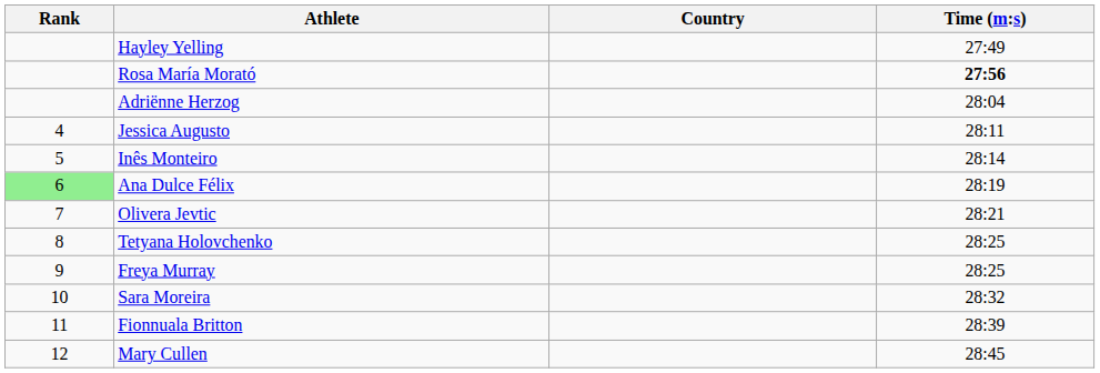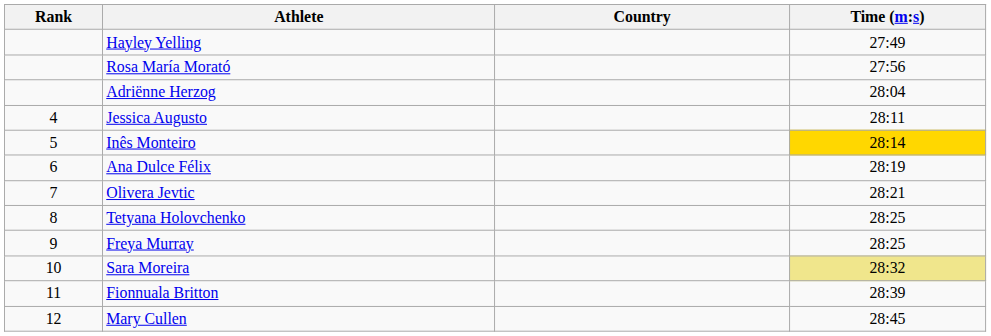 <table class="wikitable" width=50%>
 <tr>
 </tr>
 <tr>
 <th width=5%>Rank</th>
 <th width=20%>Athlete</th>
 <th width=15%>Country</th>
 <th width=10%>Time (<a href='#'>m</a>:<a href='#'>s</a>)</th>
 </tr>
 <tr align="center">
 <td></td>
 <td align="left"><a href='#'>Hayley Yelling</a></td>
 <td align="left"></td>
 <td>27:49</td>
 </tr>
 <tr align="center">
 <td></td>
 <td align="left"><a href='#'>Rosa María Morató</a></td>
 <td align="left"></td>
-<td><strong>27:56</strong></td>
+<td>27:56</td>
 </tr>
 <tr align="center">
 <td></td>
 <td align="left"><a href='#'>Adriënne Herzog</a></td>
 <td align="left"></td>
 <td>28:04</td>
 </tr>
 <tr align="center">
 <td>4</td>
 <td align="left"><a href='#'>Jessica Augusto</a></td>
 <td align="left"></td>
 <td>28:11</td>
 </tr>
 <tr align="center">
 <td>5</td>
 <td align="left"><a href='#'>Inês Monteiro</a></td>
 <td align="left"></td>
-<td>28:14</td>
+<td style="background: gold;">28:14</td>
 </tr>
 <tr align="center">
-<td style="background: lightgreen;">6</td>
+<td>6</td>
 <td align="left"><a href='#'>Ana Dulce Félix</a></td>
 <td align="left"></td>
 <td>28:19</td>
 </tr>
 <tr align="center">
 <td>7</td>
 <td align="left"><a href='#'>Olivera Jevtic</a></td>
 <td align="left"></td>
 <td>28:21</td>
 </tr>
 <tr align="center">
 <td>8</td>
 <td align="left"><a href='#'>Tetyana Holovchenko</a></td>
 <td align="left"></td>
 <td>28:25</td>
 </tr>
 <tr align="center">
 <td>9</td>
 <td align="left"><a href='#'>Freya Murray</a></td>
 <td align="left"></td>
 <td>28:25</td>
 </tr>
 <tr align="center">
 <td>10</td>
 <td align="left"><a href='#'>Sara Moreira</a></td>
 <td align="left"></td>
-<td>28:32</td>
+<td style="background: khaki;">28:32</td>
 </tr>
 <tr align="center">
 <td>11</td>
 <td align="left"><a href='#'>Fionnuala Britton</a></td>
 <td align="left"></td>
 <td>28:39</td>
 </tr>
 <tr align="center">
 <td>12</td>
 <td align="left"><a href='#'>Mary Cullen</a></td>
 <td align="left"></td>
 <td>28:45</td>
 </tr>
 </table>
